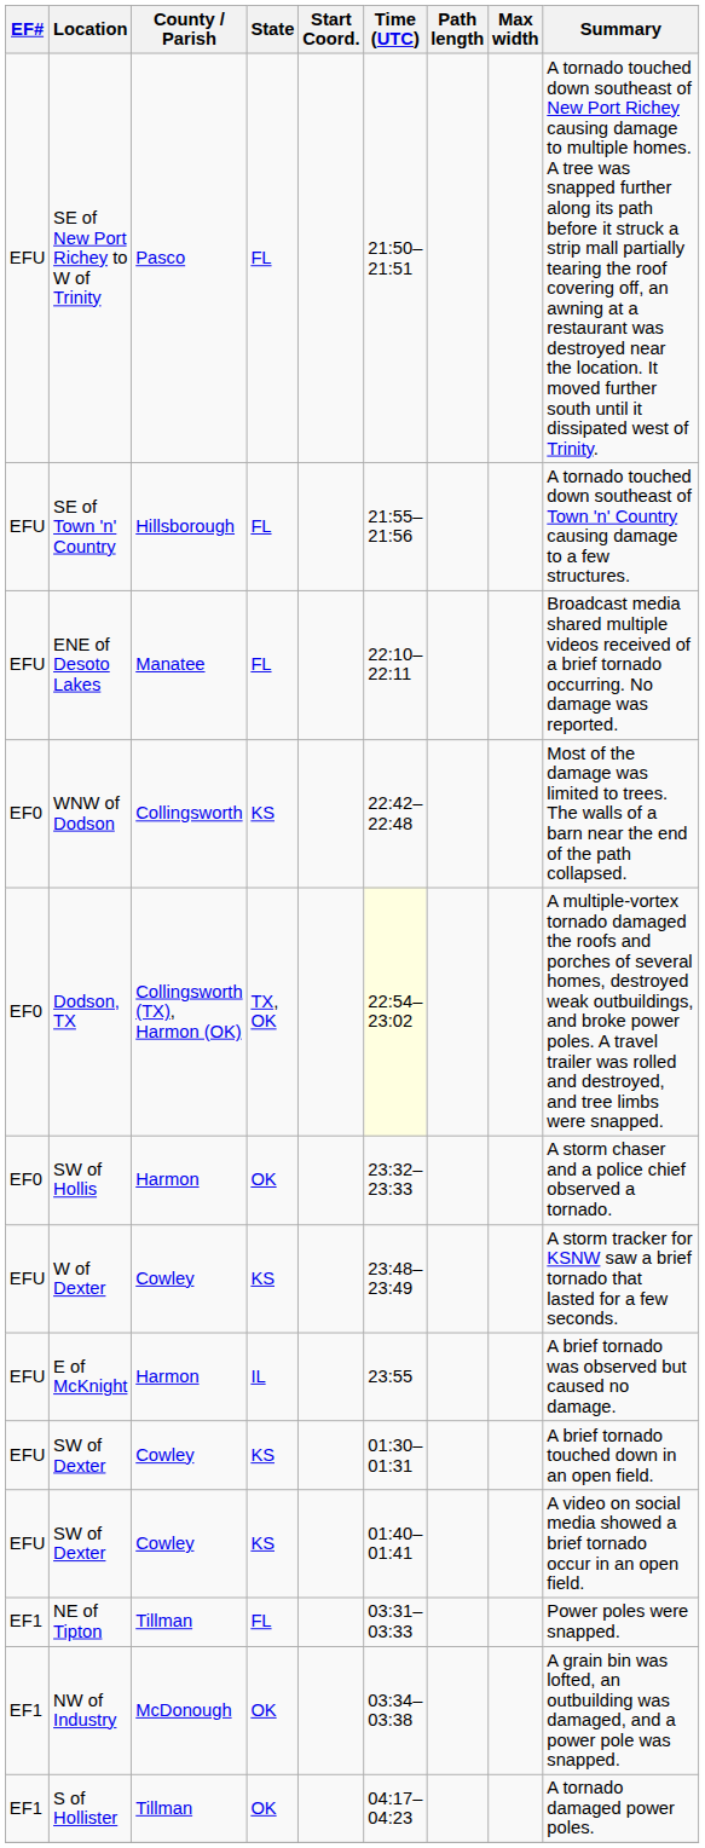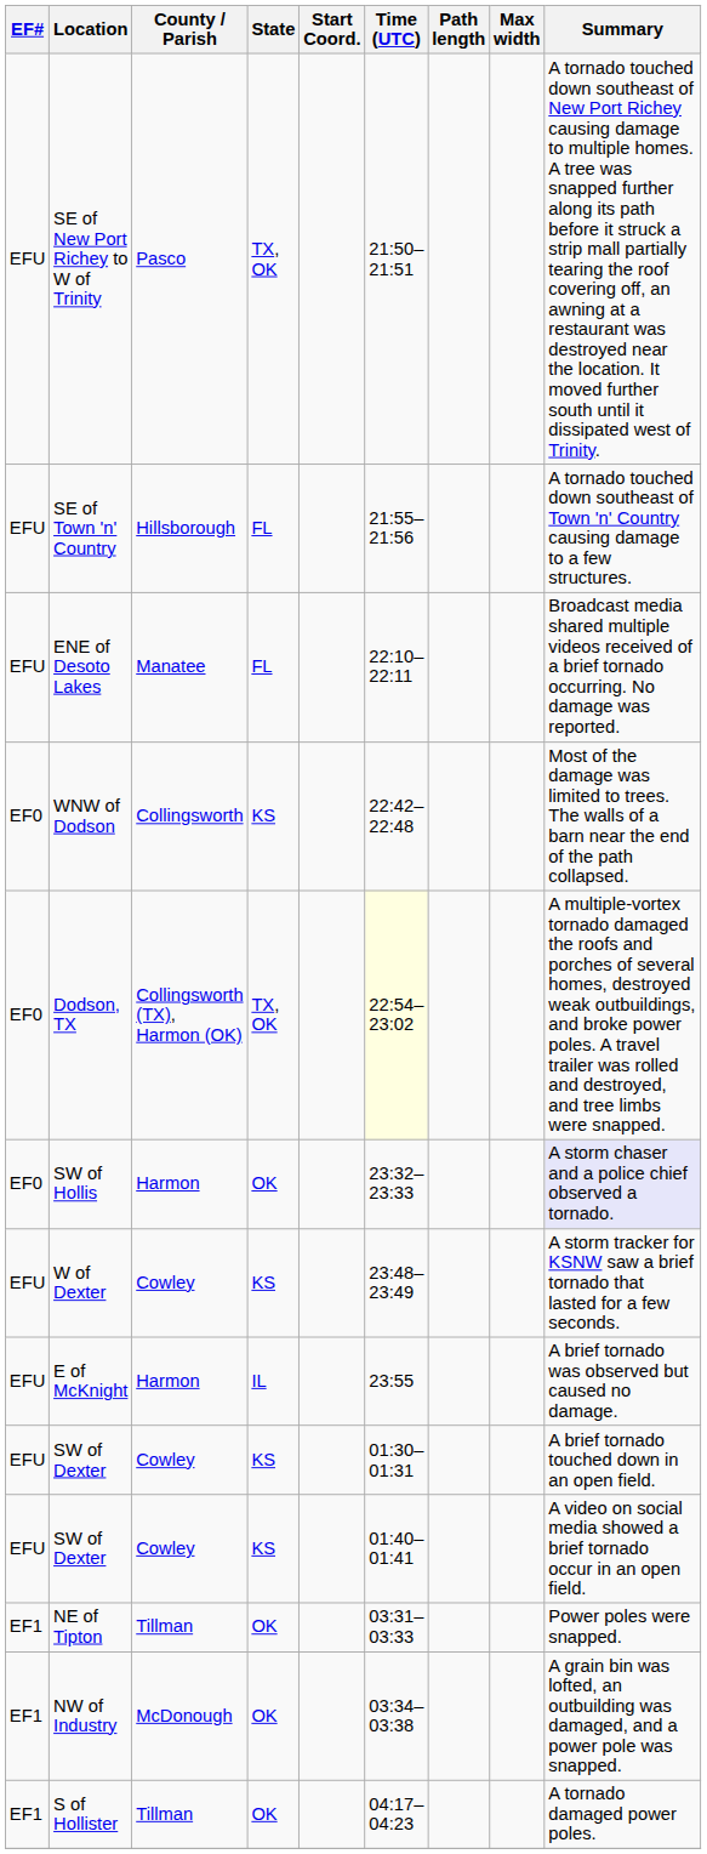 <table class="wikitable sortable" style="width:100%;">
 <tr>
 <th scope="col"  style="width:3%; text-align:center;"><a href='#'>EF#</a></th>
 <th scope="col"  style="width:7%; text-align:center;" class="unsortable">Location</th>
 <th scope="col"  style="width:6%; text-align:center;" class="unsortable">County / Parish</th>
 <th scope="col"  style="width:5%; text-align:center;">State</th>
 <th scope="col"  style="width:6%; text-align:center;">Start Coord.</th>
 <th scope="col"  style="width:6%; text-align:center;">Time (<a href='#'>UTC</a>)</th>
 <th scope="col"  style="width:6%; text-align:center;">Path length</th>
 <th scope="col"  style="width:6%; text-align:center;">Max width</th>
 <th scope="col" class="unsortable" style="width:48%; text-align:center;">Summary</th>
 </tr>
 <tr>
 <td>EFU</td>
 <td>SE of <a href='#'>New Port Richey</a> to W of <a href='#'>Trinity</a></td>
 <td><a href='#'>Pasco</a></td>
-<td><a href='#'>FL</a></td>
+<td><a href='#'>TX</a>, <a href='#'>OK</a></td>
 <td></td>
 <td>21:50–21:51</td>
 <td></td>
 <td></td>
 <td>A tornado touched down southeast of <a href='#'>New Port Richey</a> causing damage to multiple homes. A tree was snapped further along its path before it struck a strip mall partially tearing the roof covering off, an awning at a restaurant was destroyed near the location. It moved further south until it dissipated west of <a href='#'>Trinity</a>.</td>
 </tr>
 <tr>
 <td>EFU</td>
 <td>SE of <a href='#'>Town 'n' Country</a></td>
 <td><a href='#'>Hillsborough</a></td>
 <td><a href='#'>FL</a></td>
 <td></td>
 <td>21:55–21:56</td>
 <td></td>
 <td></td>
 <td>A tornado touched down southeast of <a href='#'>Town 'n' Country</a> causing damage to a few structures.</td>
 </tr>
 <tr>
 <td>EFU</td>
 <td>ENE of <a href='#'>Desoto Lakes</a></td>
 <td><a href='#'>Manatee</a></td>
 <td><a href='#'>FL</a></td>
 <td></td>
 <td>22:10–22:11</td>
 <td></td>
 <td></td>
 <td>Broadcast media shared multiple videos received of a brief tornado occurring. No damage was reported.</td>
 </tr>
 <tr>
 <td>EF0</td>
 <td>WNW of <a href='#'>Dodson</a></td>
 <td><a href='#'>Collingsworth</a></td>
 <td><a href='#'>KS</a></td>
 <td></td>
 <td>22:42–22:48</td>
 <td></td>
 <td></td>
 <td>Most of the damage was limited to trees. The walls of a barn near the end of the path collapsed.</td>
 </tr>
 <tr>
 <td>EF0</td>
 <td><a href='#'>Dodson, TX</a></td>
 <td><a href='#'>Collingsworth (TX)</a>, <a href='#'>Harmon (OK)</a></td>
 <td><a href='#'>TX</a>, <a href='#'>OK</a></td>
 <td></td>
 <td style="background: lightyellow;">22:54–23:02</td>
 <td></td>
 <td></td>
 <td>A multiple-vortex tornado damaged the roofs and porches of several homes, destroyed weak outbuildings, and broke power poles. A travel trailer was rolled  and destroyed, and tree limbs were snapped.</td>
 </tr>
 <tr>
 <td>EF0</td>
 <td>SW of <a href='#'>Hollis</a></td>
 <td><a href='#'>Harmon</a></td>
 <td><a href='#'>OK</a></td>
 <td></td>
 <td>23:32–23:33</td>
 <td></td>
 <td></td>
-<td>A storm chaser and a police chief observed a tornado.</td>
+<td style="background: lavender;">A storm chaser and a police chief observed a tornado.</td>
 </tr>
 <tr>
 <td>EFU</td>
 <td>W of <a href='#'>Dexter</a></td>
 <td><a href='#'>Cowley</a></td>
 <td><a href='#'>KS</a></td>
 <td></td>
 <td>23:48–23:49</td>
 <td></td>
 <td></td>
 <td>A storm tracker for <a href='#'>KSNW</a> saw a brief tornado that lasted for a few seconds.</td>
 </tr>
 <tr>
 <td>EFU</td>
 <td>E of <a href='#'>McKnight</a></td>
 <td><a href='#'>Harmon</a></td>
 <td><a href='#'>IL</a></td>
 <td></td>
 <td>23:55</td>
 <td></td>
 <td></td>
 <td>A brief tornado was observed but caused no damage.</td>
 </tr>
 <tr>
 <td>EFU</td>
 <td>SW of <a href='#'>Dexter</a></td>
 <td><a href='#'>Cowley</a></td>
 <td><a href='#'>KS</a></td>
 <td></td>
 <td>01:30–01:31</td>
 <td></td>
 <td></td>
 <td>A brief tornado touched down in an open field.</td>
 </tr>
 <tr>
 <td>EFU</td>
 <td>SW of <a href='#'>Dexter</a></td>
 <td><a href='#'>Cowley</a></td>
 <td><a href='#'>KS</a></td>
 <td></td>
 <td>01:40–01:41</td>
 <td></td>
 <td></td>
 <td>A video on social media showed a brief tornado occur in an open field.</td>
 </tr>
 <tr>
 <td>EF1</td>
 <td>NE of <a href='#'>Tipton</a></td>
 <td><a href='#'>Tillman</a></td>
-<td><a href='#'>FL</a></td>
+<td><a href='#'>OK</a></td>
 <td></td>
 <td>03:31–03:33</td>
 <td></td>
 <td></td>
 <td>Power poles were snapped.</td>
 </tr>
 <tr>
 <td>EF1</td>
 <td>NW of <a href='#'>Industry</a></td>
 <td><a href='#'>McDonough</a></td>
 <td><a href='#'>OK</a></td>
 <td></td>
 <td>03:34–03:38</td>
 <td></td>
 <td></td>
 <td>A grain bin was lofted, an outbuilding was damaged, and a power pole was snapped.</td>
 </tr>
 <tr>
 <td>EF1</td>
 <td>S of <a href='#'>Hollister</a></td>
 <td><a href='#'>Tillman</a></td>
 <td><a href='#'>OK</a></td>
 <td></td>
 <td>04:17–04:23</td>
 <td></td>
 <td></td>
 <td>A tornado damaged power poles.</td>
 </tr>
 <tr>
 </tr>
 </table>
